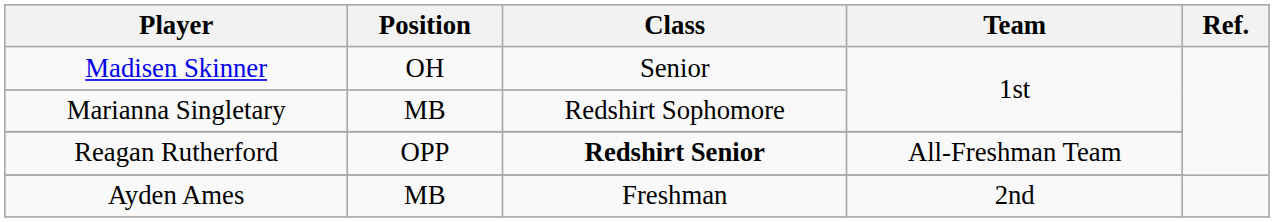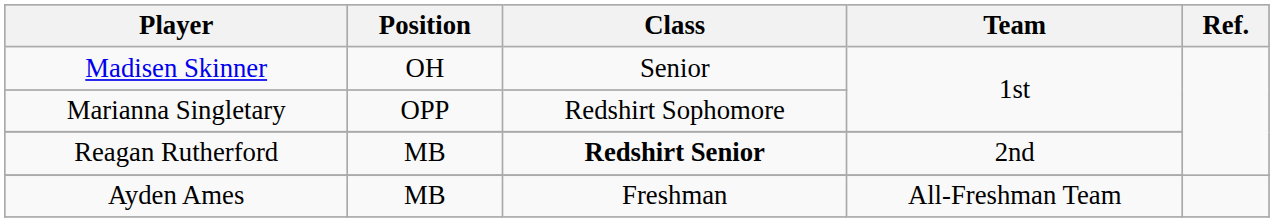 <table class="wikitable" style="width: 60%;text-align: center;">
 <tr>
 <th>Player</th>
 <th>Position</th>
 <th>Class</th>
 <th>Team</th>
 <th>Ref.</th>
 </tr>
 <tr align="center">
 <td><a href='#'>Madisen Skinner</a></td>
 <td>OH</td>
 <td>Senior</td>
 <td rowspan="2">1st</td>
 <td rowspan="4"></td>
 </tr>
 <tr align="center">
 <td>Marianna Singletary</td>
-<td>MB</td>
+<td>OPP</td>
 <td>Redshirt Sophomore</td>
 </tr>
 <tr>
 </tr>
 <tr align="center">
 <td>Reagan Rutherford</td>
-<td>OPP</td>
+<td>MB</td>
 <td><strong>Redshirt Senior</strong></td>
-<td rowspan="1">All-Freshman Team</td>
+<td rowspan="1">2nd</td>
 </tr>
 <tr>
 </tr>
 <tr align="center">
 <td>Ayden Ames</td>
 <td>MB</td>
 <td>Freshman</td>
-<td rowspan="1">2nd</td>
+<td rowspan="1">All-Freshman Team</td>
 </tr>
 </table>
